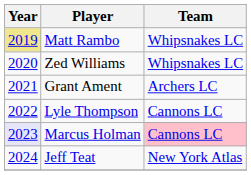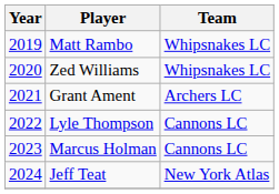 <table class="wikitable">
 <tr>
 <th>Year</th>
 <th>Player</th>
 <th>Team</th>
 </tr>
 <tr>
-<td style="background: khaki;"><a href='#'>2019</a></td>
+<td><a href='#'>2019</a></td>
 <td><a href='#'>Matt Rambo</a></td>
 <td><a href='#'>Whipsnakes LC</a></td>
 </tr>
 <tr>
 <td><a href='#'>2020</a></td>
 <td>Zed Williams</td>
 <td><a href='#'>Whipsnakes LC</a></td>
 </tr>
 <tr>
 <td><a href='#'>2021</a></td>
 <td>Grant Ament</td>
 <td><a href='#'>Archers LC</a></td>
 </tr>
 <tr>
 <td><a href='#'>2022</a></td>
 <td><a href='#'>Lyle Thompson</a></td>
 <td><a href='#'>Cannons LC</a></td>
 </tr>
 <tr>
-<td style="background: lavender;"><a href='#'>2023</a></td>
+<td><a href='#'>2023</a></td>
 <td><a href='#'>Marcus Holman</a></td>
-<td style="background: pink;"><a href='#'>Cannons LC</a></td>
+<td><a href='#'>Cannons LC</a></td>
 </tr>
 <tr>
 <td><a href='#'>2024</a></td>
 <td><a href='#'>Jeff Teat</a></td>
 <td><a href='#'>New York Atlas</a></td>
 </tr>
 <tr>
 </tr>
 </table>
